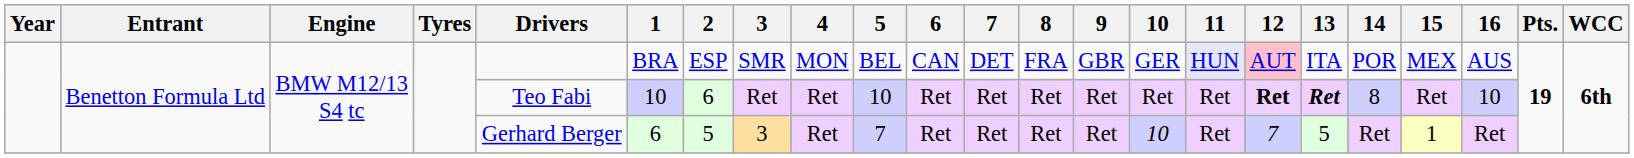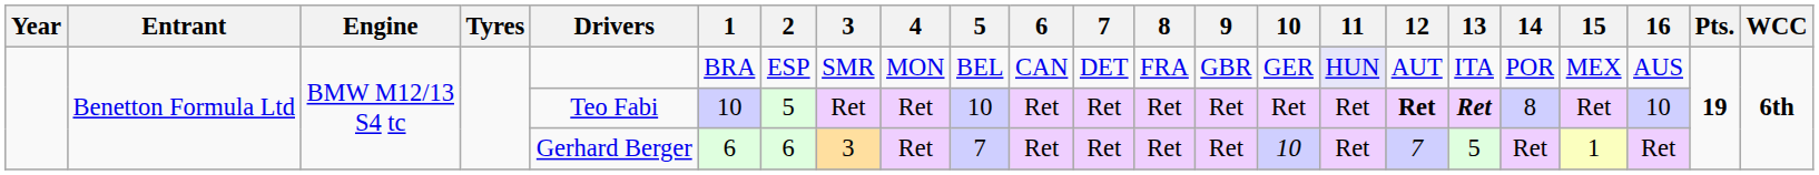 <table class="wikitable" style="text-align:center; font-size:90%">
 <tr>
 <th>Year</th>
 <th>Entrant</th>
 <th>Engine</th>
 <th>Tyres</th>
 <th>Drivers</th>
 <th>1</th>
 <th>2</th>
 <th>3</th>
 <th>4</th>
 <th>5</th>
 <th>6</th>
 <th>7</th>
 <th>8</th>
 <th>9</th>
 <th>10</th>
 <th>11</th>
 <th>12</th>
 <th>13</th>
 <th>14</th>
 <th>15</th>
 <th>16</th>
 <th>Pts.</th>
 <th>WCC</th>
 </tr>
 <tr>
 <td rowspan="3"></td>
 <td rowspan="3"><a href='#'>Benetton Formula Ltd</a></td>
 <td rowspan="3"><a href='#'>BMW M12/13</a><br><a href='#'>S4</a> <a href='#'>tc</a></td>
 <td rowspan="3"></td>
 <td></td>
 <td><a href='#'>BRA</a></td>
 <td><a href='#'>ESP</a></td>
 <td><a href='#'>SMR</a></td>
 <td><a href='#'>MON</a></td>
 <td><a href='#'>BEL</a></td>
 <td><a href='#'>CAN</a></td>
 <td><a href='#'>DET</a></td>
 <td><a href='#'>FRA</a></td>
 <td><a href='#'>GBR</a></td>
 <td><a href='#'>GER</a></td>
 <td style="background: lavender;"><a href='#'>HUN</a></td>
-<td style="background: pink;"><a href='#'>AUT</a></td>
+<td><a href='#'>AUT</a></td>
 <td><a href='#'>ITA</a></td>
 <td><a href='#'>POR</a></td>
 <td><a href='#'>MEX</a></td>
 <td><a href='#'>AUS</a></td>
 <td rowspan="3"><strong>19</strong></td>
 <td rowspan="3"><strong>6th</strong></td>
 </tr>
 <tr>
 <td align="center"><a href='#'>Teo Fabi</a></td>
 <td style="background:#CFCFFF;">10</td>
-<td style="background:#DFFFDF;">6</td>
+<td style="background:#DFFFDF;">5</td>
 <td style="background:#EFCFFF;">Ret</td>
 <td style="background:#EFCFFF;">Ret</td>
 <td style="background:#CFCFFF;">10</td>
 <td style="background:#EFCFFF;">Ret</td>
 <td style="background:#EFCFFF;">Ret</td>
 <td style="background:#EFCFFF;">Ret</td>
 <td style="background:#EFCFFF;">Ret</td>
 <td style="background:#EFCFFF;">Ret</td>
 <td style="background:#EFCFFF;">Ret</td>
 <td style="background:#EFCFFF;"><strong>Ret</strong></td>
 <td style="background:#EFCFFF;"><strong><em>Ret</em></strong></td>
 <td style="background:#CFCFFF;">8</td>
 <td style="background:#EFCFFF;">Ret</td>
 <td style="background:#CFCFFF;">10</td>
 </tr>
 <tr>
 <td align="left"><a href='#'>Gerhard Berger</a></td>
 <td style="background:#DFFFDF;">6</td>
-<td style="background:#DFFFDF;">5</td>
+<td style="background:#DFFFDF;">6</td>
 <td style="background:#FFDF9F;">3</td>
 <td style="background:#EFCFFF;">Ret</td>
 <td style="background:#CFCFFF;">7</td>
 <td style="background:#EFCFFF;">Ret</td>
 <td style="background:#EFCFFF;">Ret</td>
 <td style="background:#EFCFFF;">Ret</td>
 <td style="background:#EFCFFF;">Ret</td>
 <td style="background:#CFCFFF;"><em>10</em></td>
 <td style="background:#EFCFFF;">Ret</td>
 <td style="background:#CFCFFF;"><em>7</em></td>
 <td style="background:#DFFFDF;">5</td>
 <td style="background:#EFCFFF;">Ret</td>
 <td style="background:#FBFFBF;">1</td>
 <td style="background:#EFCFFF;">Ret</td>
 </tr>
 </table>
